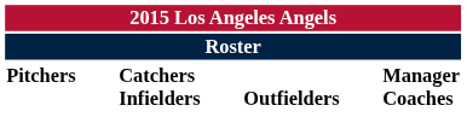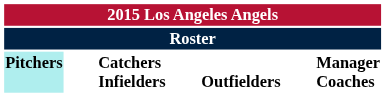 <table class="toccolours" style="font-size: 95%;">
 <tr>
 <th colspan="10" style="background-color: #B71234; color: white; text-align: center;">2015 Los Angeles Angels</th>
 </tr>
 <tr>
 <td colspan="10" style="background-color:#002244; color: white; text-align: center;"><strong>Roster</strong></td>
 </tr>
 <tr>
-<td valign="top"><strong>Pitchers</strong><br>                       </td>
+<td valign="top" style="background: paleturquoise;"><strong>Pitchers</strong><br>                       </td>
 <td width="25px"></td>
 <td valign="top"><strong>Catchers</strong><br>    <strong>Infielders</strong>             </td>
 <td width="25px"></td>
 <td valign="top"><br><strong>Outfielders</strong>          </td>
 <td width="25px"></td>
 <td valign="top"><strong>Manager</strong><br> <strong>Coaches</strong>                  </td>
 </tr>
 </table>
